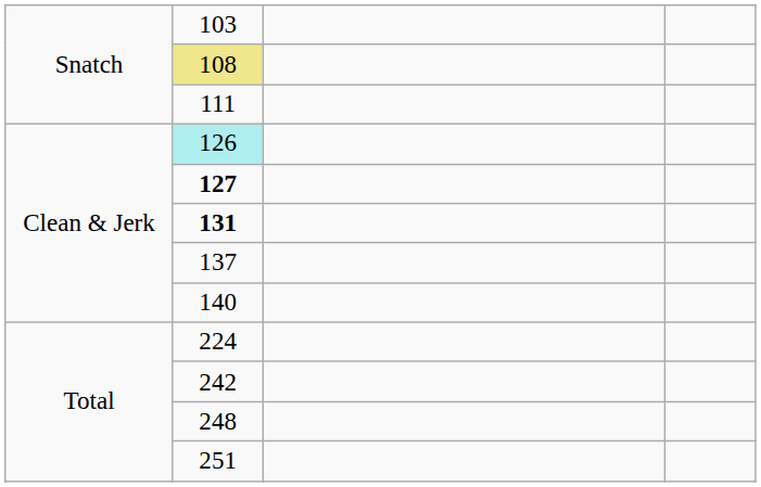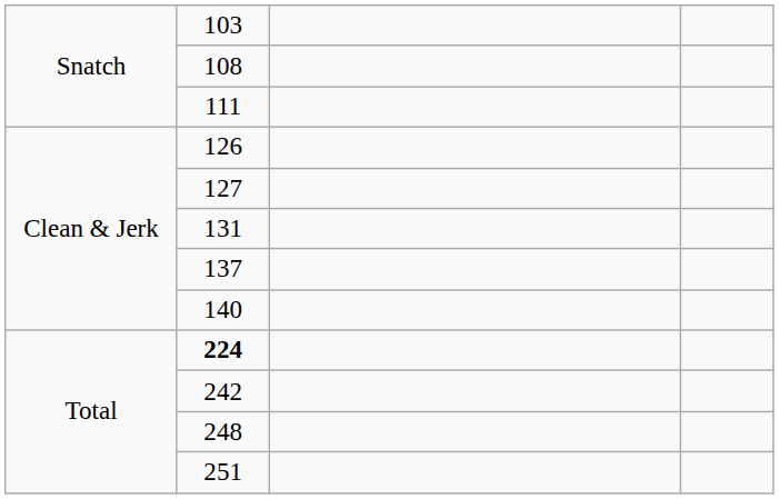 <table class = "wikitable" style="text-align:center;">
 <tr>
 <td width=100 rowspan=3>Snatch</td>
 <td width=50>103</td>
 <td width=250 align=left></td>
 <td width=50></td>
 </tr>
 <tr>
-<td style="background: khaki;">108</td>
+<td>108</td>
 <td align=left></td>
 <td></td>
 </tr>
 <tr>
 <td>111</td>
 <td align=left></td>
 <td></td>
 </tr>
 <tr>
 <td rowspan=5>Clean & Jerk</td>
-<td style="background: paleturquoise;">126</td>
+<td>126</td>
 <td align=left></td>
 <td></td>
 </tr>
 <tr>
-<td><strong>127</strong></td>
+<td>127</td>
 <td align=left></td>
 <td></td>
 </tr>
 <tr>
-<td><strong>131</strong></td>
+<td>131</td>
 <td align=left></td>
 <td></td>
 </tr>
 <tr>
 <td>137</td>
 <td align=left></td>
 <td></td>
 </tr>
 <tr>
 <td>140</td>
 <td align=left></td>
 <td></td>
 </tr>
 <tr>
 <td rowspan=4>Total</td>
-<td>224</td>
+<td><strong>224</strong></td>
 <td align=left></td>
 <td></td>
 </tr>
 <tr>
 <td>242</td>
 <td align=left></td>
 <td></td>
 </tr>
 <tr>
 <td>248</td>
 <td align=left></td>
 <td></td>
 </tr>
 <tr>
 <td>251</td>
 <td align=left></td>
 <td></td>
 </tr>
 </table>
